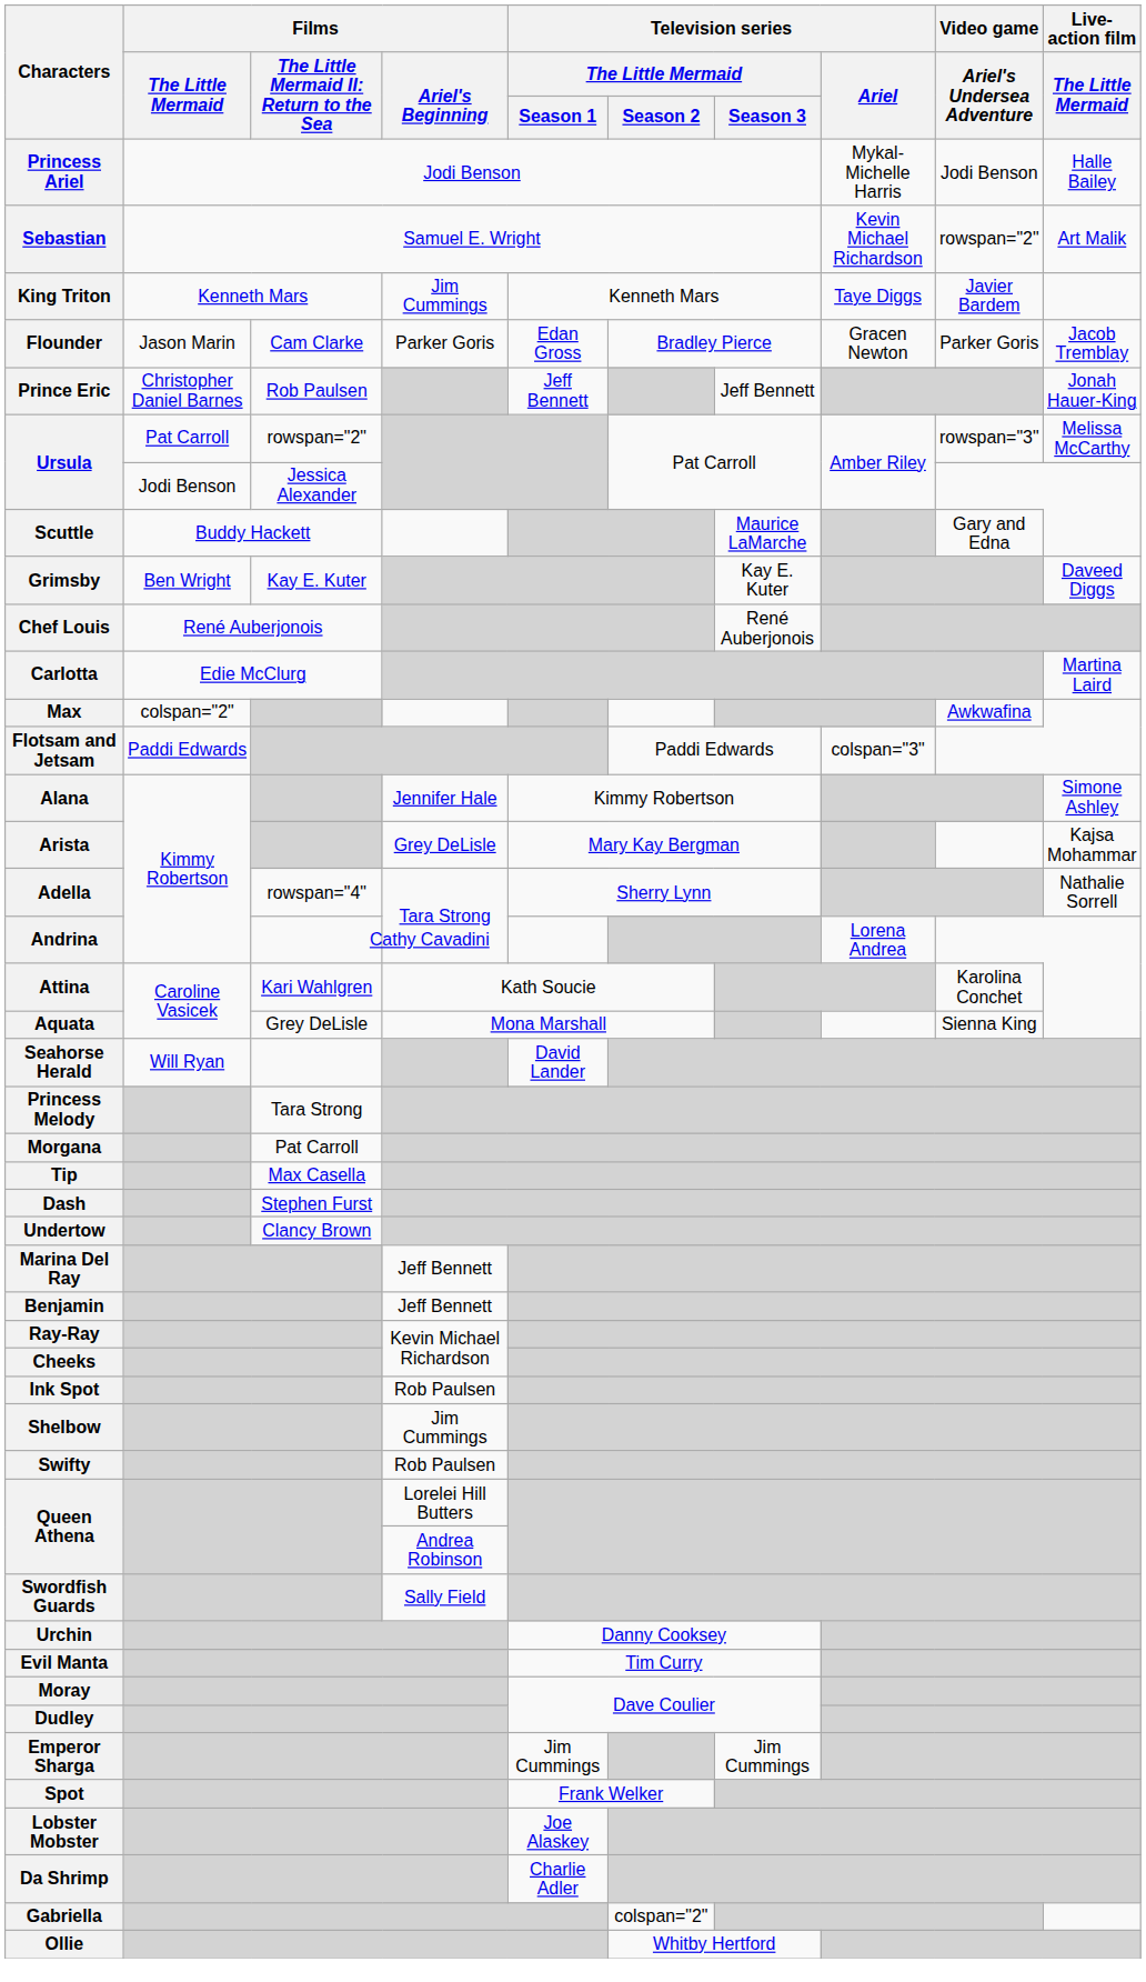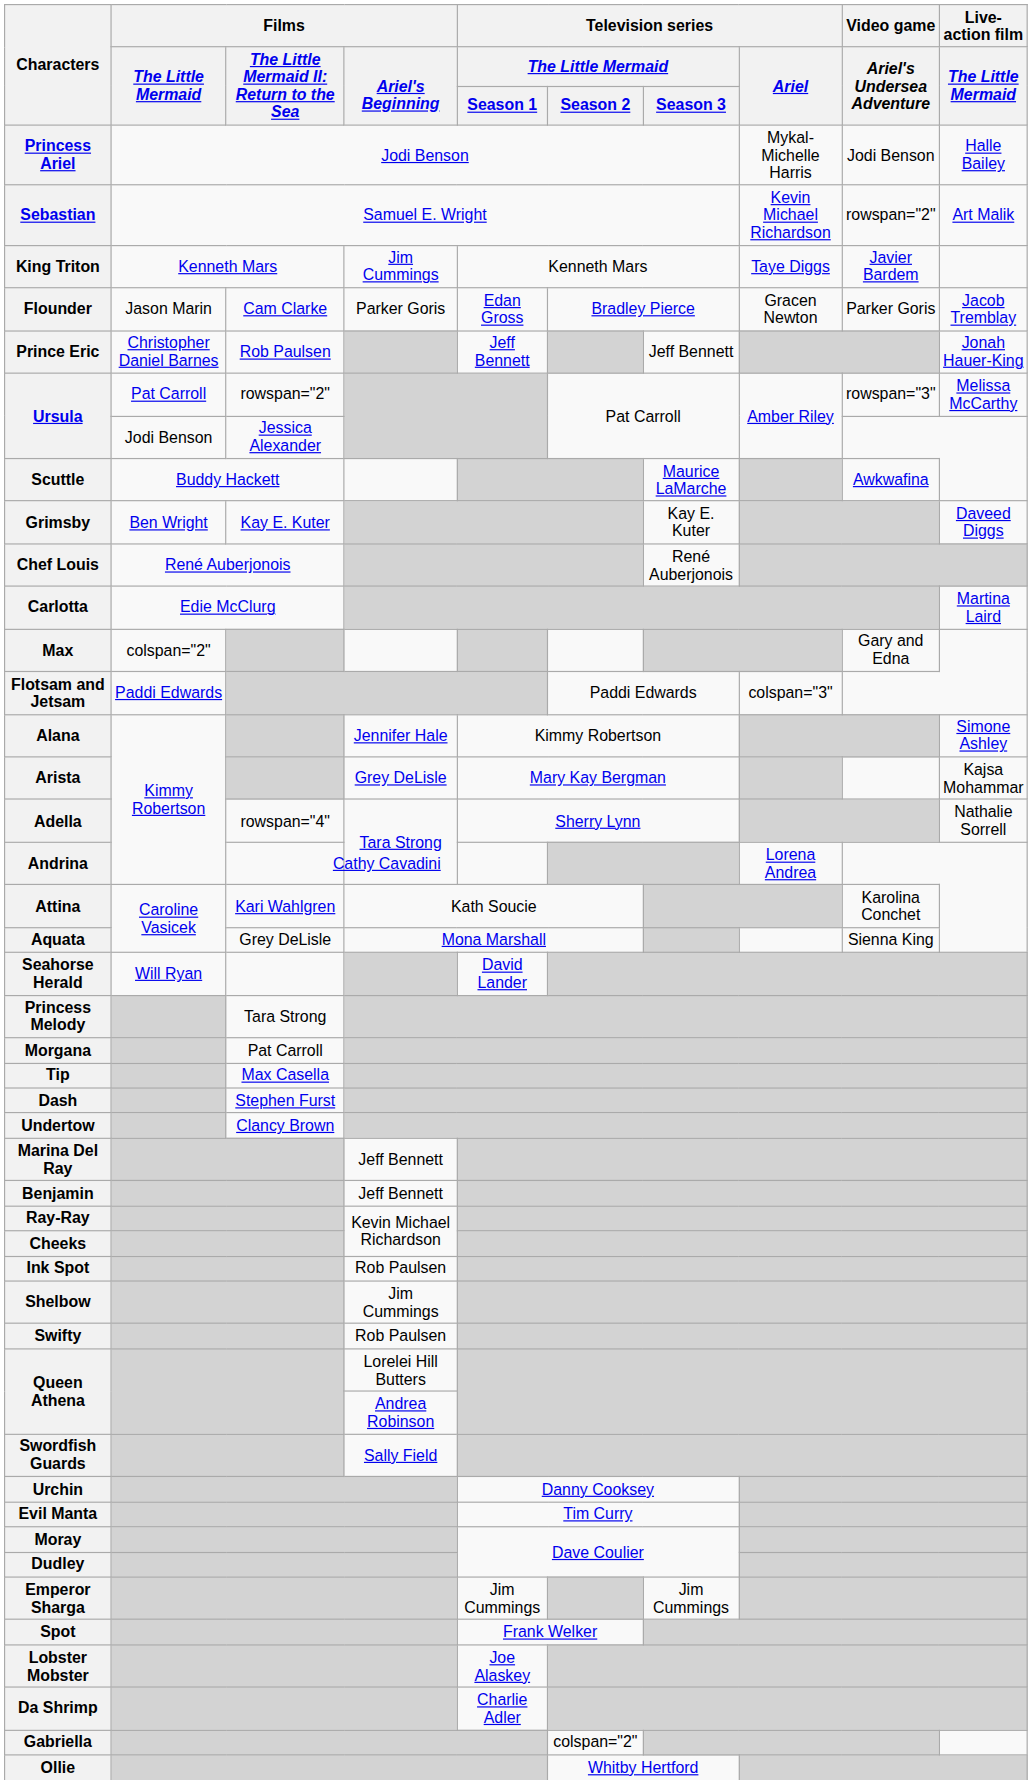 <table class="wikitable" style="text-align:center; width:99%; font-size:85%">
 <tr>
 <th rowspan="3" style="text-align:center; width:13%;">Characters</th>
 <th colspan="3">Films</th>
 <th colspan="4">Television series</th>
 <th>Video game</th>
 <th>Live-action film</th>
 </tr>
 <tr>
 <th rowspan="2" style="text-align:center; width:15%;"><em><a href='#'>The Little Mermaid</a></em></th>
 <th rowspan="2" style="text-align:center; width:15%;"><em><a href='#'>The Little Mermaid II: Return to the Sea</a></em></th>
 <th rowspan="2" style="text-align:center; width:15%;"><em><a href='#'><br>Ariel's Beginning</a></em></th>
 <th colspan="3"><em><a href='#'>The Little Mermaid</a></em></th>
 <th rowspan="2" style="text-align:center; width:15%;"><em><a href='#'>Ariel</a></em></th>
 <th rowspan="2" style="text-align:center; width:15%;"><em>Ariel's Undersea Adventure</em></th>
 <th rowspan="2" style="text-align:center; width:15%;"><em><a href='#'>The Little Mermaid</a></em></th>
 </tr>
 <tr>
 <th style="text-align:center; width:10%;"><a href='#'>Season 1</a></th>
 <th style="text-align:center; width:10%;"><a href='#'>Season 2</a></th>
 <th style="text-align:center; width:10%;"><a href='#'>Season 3</a></th>
 </tr>
 <tr>
 <th><a href='#'>Princess Ariel</a></th>
 <td colspan="6"><a href='#'>Jodi Benson</a></td>
 <td>Mykal-Michelle Harris</td>
 <td>Jodi Benson</td>
 <td><a href='#'>Halle Bailey</a></td>
 </tr>
 <tr>
 <th><a href='#'>Sebastian</a></th>
 <td colspan="6"><a href='#'>Samuel E. Wright</a></td>
 <td><a href='#'>Kevin Michael Richardson</a></td>
 <td>rowspan="2" </td>
 <td><a href='#'>Art Malik</a></td>
 </tr>
 <tr>
 <th>King Triton</th>
 <td colspan="2"><a href='#'>Kenneth Mars</a></td>
 <td><a href='#'>Jim Cummings</a></td>
 <td colspan="3">Kenneth Mars</td>
 <td><a href='#'>Taye Diggs</a></td>
 <td><a href='#'>Javier Bardem</a></td>
 </tr>
 <tr>
 <th>Flounder</th>
 <td>Jason Marin</td>
 <td><a href='#'>Cam Clarke</a></td>
 <td>Parker Goris</td>
 <td><a href='#'>Edan Gross</a></td>
 <td colspan="2"><a href='#'>Bradley Pierce</a></td>
 <td>Gracen Newton</td>
 <td>Parker Goris</td>
 <td><a href='#'>Jacob Tremblay</a></td>
 </tr>
 <tr>
 <th>Prince Eric</th>
 <td><a href='#'>Christopher Daniel Barnes</a></td>
 <td><a href='#'>Rob Paulsen</a></td>
 <td style="background-color:#D3D3D3"></td>
 <td><a href='#'>Jeff Bennett</a></td>
 <td style="background-color:#D3D3D3"></td>
 <td>Jeff Bennett</td>
 <td colspan="2" style="background-color:#D3D3D3"></td>
 <td><a href='#'>Jonah Hauer-King</a></td>
 </tr>
 <tr>
 <th rowspan="2"><a href='#'>Ursula</a></th>
 <td><a href='#'>Pat Carroll</a></td>
 <td>rowspan="2" </td>
 <td colspan="2" rowspan="2" style="background-color:#D3D3D3"></td>
 <td colspan="2" rowspan="2">Pat Carroll</td>
 <td rowspan="2"><a href='#'>Amber Riley</a></td>
 <td>rowspan="3" </td>
 <td><a href='#'>Melissa McCarthy</a></td>
 </tr>
 <tr>
 <td>Jodi Benson</td>
 <td><a href='#'>Jessica Alexander</a></td>
 </tr>
 <tr>
 <th>Scuttle</th>
 <td colspan="2"><a href='#'>Buddy Hackett</a></td>
 <td></td>
 <td colspan="2" style="background-color:#D3D3D3"></td>
 <td><a href='#'>Maurice LaMarche</a></td>
 <td style="background-color:#D3D3D3"></td>
-<td>Gary and Edna</td>
+<td><a href='#'>Awkwafina</a></td>
 </tr>
 <tr>
 <th>Grimsby</th>
 <td><a href='#'>Ben Wright</a></td>
 <td><a href='#'>Kay E. Kuter</a></td>
 <td colspan="3" style="background-color:#D3D3D3"></td>
 <td>Kay E. Kuter</td>
 <td colspan="2" style="background-color:#D3D3D3"></td>
 <td><a href='#'>Daveed Diggs</a></td>
 </tr>
 <tr>
 <th>Chef Louis</th>
 <td colspan="2"><a href='#'>René Auberjonois</a></td>
 <td colspan="3" style="background-color:#D3D3D3"></td>
 <td>René Auberjonois</td>
 <td colspan="3" style="background-color:#D3D3D3"></td>
 </tr>
 <tr>
 <th>Carlotta</th>
 <td colspan="2"><a href='#'>Edie McClurg</a></td>
 <td colspan="6" style="background-color:#D3D3D3"></td>
 <td><a href='#'>Martina Laird</a></td>
 </tr>
 <tr>
 <th>Max</th>
 <td>colspan="2" </td>
 <td style="background-color:#D3D3D3"></td>
 <td></td>
 <td style="background-color:#D3D3D3"></td>
 <td></td>
 <td colspan="2" style="background-color:#D3D3D3"></td>
-<td><a href='#'>Awkwafina</a></td>
+<td>Gary and Edna</td>
 </tr>
 <tr>
 <th>Flotsam and Jetsam</th>
 <td><a href='#'>Paddi Edwards</a></td>
 <td colspan="3" style="background-color:#D3D3D3"></td>
 <td colspan="2">Paddi Edwards</td>
 <td>colspan="3" </td>
 </tr>
 <tr>
 <th>Alana</th>
 <td rowspan="4"><a href='#'>Kimmy Robertson</a></td>
 <td style="background-color:#D3D3D3"></td>
 <td><a href='#'>Jennifer Hale</a></td>
 <td colspan="3">Kimmy Robertson</td>
 <td colspan="2" style="background-color:#D3D3D3"></td>
 <td><a href='#'>Simone Ashley</a></td>
 </tr>
 <tr>
 <th>Arista</th>
 <td style="background-color:#D3D3D3"></td>
 <td><a href='#'>Grey DeLisle</a></td>
 <td colspan="3"><a href='#'>Mary Kay Bergman</a></td>
 <td style="background-color:#D3D3D3"></td>
 <td></td>
 <td>Kajsa Mohammar</td>
 </tr>
 <tr>
 <th>Adella</th>
 <td>rowspan="4" </td>
 <td rowspan="2"><a href='#'>Tara Strong</a></td>
 <td colspan="3"><a href='#'>Sherry Lynn</a></td>
 <td colspan="2" style="background-color:#D3D3D3"></td>
 <td>Nathalie Sorrell</td>
 </tr>
 <tr>
 <th>Andrina</th>
 <td colspan="3"><a href='#'>Cathy Cavadini</a></td>
 <td colspan="2" style="background-color:#D3D3D3"></td>
 <td><a href='#'>Lorena Andrea</a></td>
 </tr>
 <tr>
 <th>Attina</th>
 <td rowspan="2"><a href='#'>Caroline Vasicek</a></td>
 <td><a href='#'>Kari Wahlgren</a></td>
 <td colspan="3">Kath Soucie</td>
 <td colspan="2" style="background-color:#D3D3D3"></td>
 <td>Karolina Conchet</td>
 </tr>
 <tr>
 <th>Aquata</th>
 <td>Grey DeLisle</td>
 <td colspan="3"><a href='#'>Mona Marshall</a></td>
 <td style="background-color:#D3D3D3"></td>
 <td></td>
 <td>Sienna King</td>
 </tr>
 <tr>
 <th>Seahorse Herald</th>
 <td><a href='#'>Will Ryan</a></td>
 <td></td>
 <td style="background-color:#D3D3D3"></td>
 <td><a href='#'>David Lander</a></td>
 <td colspan="5" style="background-color:#D3D3D3"></td>
 </tr>
 <tr>
 <th>Princess Melody</th>
 <td style="background-color:#D3D3D3"></td>
 <td>Tara Strong</td>
 <td colspan="7" style="background-color:#D3D3D3"></td>
 </tr>
 <tr>
 <th>Morgana</th>
 <td style="background-color:#D3D3D3"></td>
 <td>Pat Carroll</td>
 <td colspan="7" style="background-color:#D3D3D3"></td>
 </tr>
 <tr>
 <th>Tip</th>
 <td style="background-color:#D3D3D3"></td>
 <td><a href='#'>Max Casella</a></td>
 <td colspan="7" style="background-color:#D3D3D3"></td>
 </tr>
 <tr>
 <th>Dash</th>
 <td style="background-color:#D3D3D3"></td>
 <td><a href='#'>Stephen Furst</a></td>
 <td colspan="7" style="background-color:#D3D3D3"></td>
 </tr>
 <tr>
 <th>Undertow</th>
 <td style="background-color:#D3D3D3"></td>
 <td><a href='#'>Clancy Brown</a></td>
 <td colspan="7" style="background-color:#D3D3D3"></td>
 </tr>
 <tr>
 <th>Marina Del Ray</th>
 <td colspan="2" style="background-color:#D3D3D3"></td>
 <td>Jeff Bennett</td>
 <td colspan="6" style="background-color:#D3D3D3"></td>
 </tr>
 <tr>
 <th>Benjamin</th>
 <td colspan="2" style="background-color:#D3D3D3"></td>
 <td>Jeff Bennett</td>
 <td colspan="6" style="background-color:#D3D3D3"></td>
 </tr>
 <tr>
 <th>Ray-Ray</th>
 <td colspan="2" style="background-color:#D3D3D3"></td>
 <td rowspan="2">Kevin Michael Richardson</td>
 <td colspan="6" style="background-color:#D3D3D3"></td>
 </tr>
 <tr>
 <th>Cheeks</th>
 <td colspan="2" style="background-color:#D3D3D3"></td>
 <td colspan="6" style="background-color:#D3D3D3"></td>
 </tr>
 <tr>
 <th>Ink Spot</th>
 <td colspan="2" style="background-color:#D3D3D3"></td>
 <td>Rob Paulsen</td>
 <td colspan="6" style="background-color:#D3D3D3"></td>
 </tr>
 <tr>
 <th>Shelbow</th>
 <td colspan="2" style="background-color:#D3D3D3"></td>
 <td>Jim Cummings</td>
 <td colspan="6" style="background-color:#D3D3D3"></td>
 </tr>
 <tr>
 <th>Swifty</th>
 <td colspan="2" style="background-color:#D3D3D3"></td>
 <td>Rob Paulsen</td>
 <td colspan="6" style="background-color:#D3D3D3"></td>
 </tr>
 <tr>
 <th rowspan="2">Queen Athena</th>
 <td colspan="2" rowspan="2" style="background-color:#D3D3D3"></td>
 <td>Lorelei Hill Butters</td>
 <td colspan="6" rowspan="2" style="background-color:#D3D3D3"></td>
 </tr>
 <tr>
 <td><a href='#'>Andrea Robinson</a></td>
 </tr>
 <tr>
 <th>Swordfish Guards</th>
 <td colspan="2" style="background-color:#D3D3D3"></td>
 <td><a href='#'>Sally Field</a></td>
 <td colspan="6" style="background-color:#D3D3D3"></td>
 </tr>
 <tr>
 <th>Urchin</th>
 <td colspan="3" style="background-color:#D3D3D3"></td>
 <td colspan="3"><a href='#'>Danny Cooksey</a></td>
 <td colspan="3" style="background-color:#D3D3D3"></td>
 </tr>
 <tr>
 <th>Evil Manta</th>
 <td colspan="3" style="background-color:#D3D3D3"></td>
 <td colspan="3"><a href='#'>Tim Curry</a></td>
 <td colspan="3" style="background-color:#D3D3D3"></td>
 </tr>
 <tr>
 <th>Moray</th>
 <td colspan="3" style="background-color:#D3D3D3"></td>
 <td colspan="3" rowspan="2"><a href='#'>Dave Coulier</a></td>
 <td colspan="3" style="background-color:#D3D3D3"></td>
 </tr>
 <tr>
 <th>Dudley</th>
 <td colspan="3" style="background-color:#D3D3D3"></td>
 <td colspan="3" style="background-color:#D3D3D3"></td>
 </tr>
 <tr>
 <th>Emperor Sharga</th>
 <td colspan="3" style="background-color:#D3D3D3"></td>
 <td>Jim Cummings</td>
 <td style="background-color:#D3D3D3"></td>
 <td>Jim Cummings</td>
 <td colspan="3" style="background-color:#D3D3D3"></td>
 </tr>
 <tr>
 <th>Spot</th>
 <td colspan="3" style="background-color:#D3D3D3"></td>
 <td colspan="2"><a href='#'>Frank Welker</a></td>
 <td colspan="4" style="background-color:#D3D3D3"></td>
 </tr>
 <tr>
 <th>Lobster Mobster</th>
 <td colspan="3" style="background-color:#D3D3D3"></td>
 <td><a href='#'>Joe Alaskey</a></td>
 <td colspan="5" style="background-color:#D3D3D3"></td>
 </tr>
 <tr>
 <th>Da Shrimp</th>
 <td colspan="3" style="background-color:#D3D3D3"></td>
 <td><a href='#'>Charlie Adler</a></td>
 <td colspan="5" style="background-color:#D3D3D3"></td>
 </tr>
 <tr>
 <th>Gabriella</th>
 <td colspan="4" style="background-color:#D3D3D3"></td>
 <td>colspan="2" </td>
 <td colspan="3" style="background-color:#D3D3D3"></td>
 </tr>
 <tr>
 <th>Ollie</th>
 <td colspan="4" style="background-color:#D3D3D3"></td>
 <td colspan="2"><a href='#'>Whitby Hertford</a></td>
 <td colspan="3" style="background-color:#D3D3D3"></td>
 </tr>
 </table>
